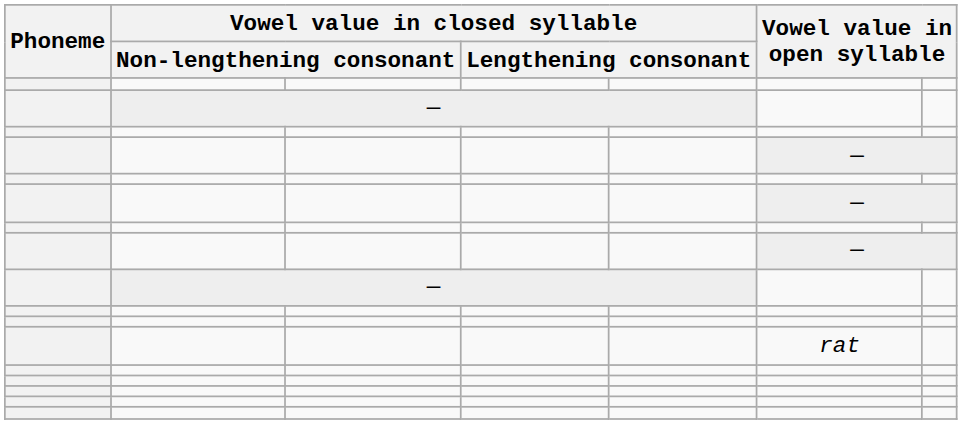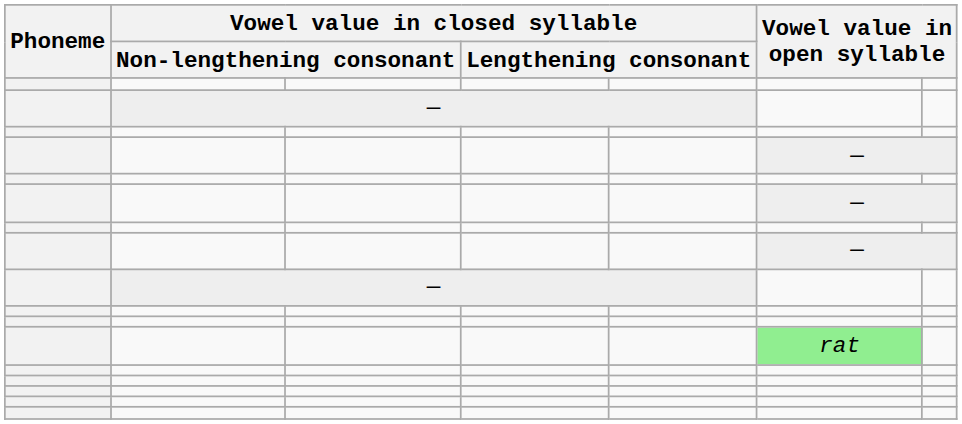 <table class="wikitable" style="text-align: center;">
 <tr>
 <th scope="col" rowspan="2">Phoneme</th>
 <th scope="col" colspan="4">Vowel value in closed syllable</th>
 <th scope="col" rowspan="2" colspan="2">Vowel value in<br>open syllable</th>
 </tr>
 <tr>
 <th scope="col" colspan="2">Non-lengthening consonant</th>
 <th scope="col" colspan="2">Lengthening consonant</th>
 </tr>
 <tr>
 <th scope="row"></th>
 <td></td>
 <td></td>
 <td></td>
 <td></td>
 <td></td>
 <td></td>
 </tr>
 <tr>
 <th scope="row"></th>
 <td colspan="4" style="background-color: #EEE;">—</td>
 <td></td>
 <td></td>
 </tr>
 <tr>
 <th scope="row"></th>
 <td></td>
 <td></td>
 <td></td>
 <td></td>
 <td></td>
 <td></td>
 </tr>
 <tr>
 <th scope="row"></th>
 <td></td>
 <td></td>
 <td></td>
 <td></td>
 <td colspan="2" bgcolor="#EEEEEE">—</td>
 </tr>
 <tr>
 <th scope="row"></th>
 <td></td>
 <td></td>
 <td></td>
 <td></td>
 <td></td>
 <td></td>
 </tr>
 <tr>
 <th scope="row"></th>
 <td></td>
 <td></td>
 <td></td>
 <td></td>
 <td colspan="2" bgcolor="#EEEEEE">—</td>
 </tr>
 <tr>
 <th scope="row"></th>
 <td></td>
 <td></td>
 <td></td>
 <td></td>
 <td></td>
 <td></td>
 </tr>
 <tr>
 <th scope="row"></th>
 <td></td>
 <td></td>
 <td></td>
 <td></td>
 <td colspan="2" bgcolor="#EEEEEE">—</td>
 </tr>
 <tr>
 <th scope="row"></th>
 <td colspan="4" style="background-color: #EEE;">—</td>
 <td></td>
 <td></td>
 </tr>
 <tr>
 <th scope="row"></th>
 <td></td>
 <td></td>
 <td></td>
 <td></td>
 <td></td>
 <td></td>
 </tr>
 <tr>
 <th scope="row"></th>
 <td></td>
 <td></td>
 <td></td>
 <td></td>
 <td></td>
 <td></td>
 </tr>
 <tr>
 <th scope="row"></th>
 <td></td>
 <td></td>
 <td></td>
 <td></td>
-<td><em>rat</em></td>
+<td style="background: lightgreen;"><em>rat</em></td>
 <td></td>
 </tr>
 <tr>
 <th scope="row"></th>
 <td></td>
 <td></td>
 <td></td>
 <td></td>
 <td></td>
 <td></td>
 </tr>
 <tr>
 <th scope="row"></th>
 <td></td>
 <td></td>
 <td></td>
 <td></td>
 <td></td>
 <td></td>
 </tr>
 <tr>
 <th scope="row"></th>
 <td></td>
 <td></td>
 <td></td>
 <td></td>
 <td></td>
 <td></td>
 </tr>
 <tr>
 <th scope="row"></th>
 <td></td>
 <td></td>
 <td></td>
 <td></td>
 <td></td>
 <td></td>
 </tr>
 <tr>
 <th scope="row"></th>
 <td></td>
 <td></td>
 <td></td>
 <td></td>
 <td></td>
 <td></td>
 </tr>
 </table>
